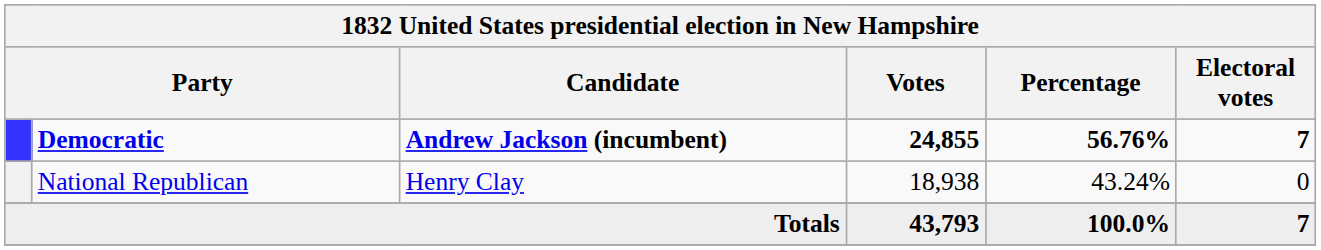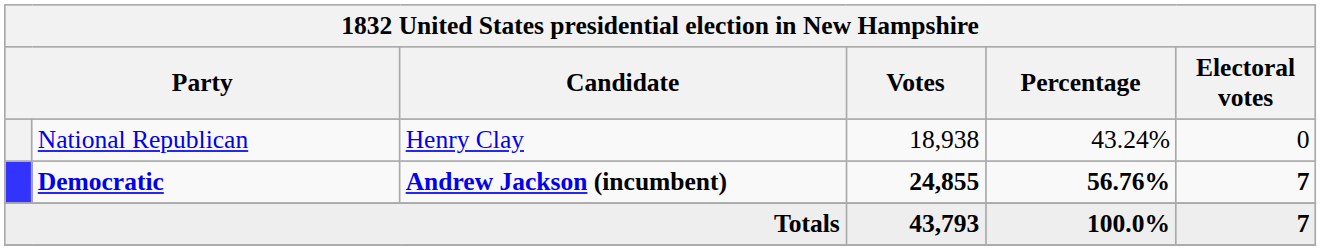 <table class="wikitable" style="font-size: 95%;">
 <tr>
 <th colspan="6">1832 United States presidential election in New Hampshire</th>
 </tr>
 <tr>
 <th colspan="2" style="width: 15em">Party</th>
 <th style="width: 17em">Candidate</th>
 <th style="width: 5em">Votes</th>
 <th style="width: 7em">Percentage</th>
 <th style="width: 5em">Electoral votes</th>
 </tr>
 <tr>
+<th></th>
+<td style="width: 130px"><a href='#'>National Republican</a></td>
+<td><a href='#'>Henry Clay</a></td>
+<td align="right">18,938</td>
+<td align="right">43.24%</td>
+<td align="right">0</td>
+</tr>
+<tr>
 <th style="background-color:#3333FF; width: 3px"></th>
 <td style="width: 130px"><strong><a href='#'>Democratic</a></strong></td>
 <td><strong><a href='#'>Andrew Jackson</a> (incumbent)</strong></td>
 <td align="right"><strong>24,855</strong></td>
 <td align="right"><strong>56.76%</strong></td>
 <td align="right"><strong>7</strong></td>
-</tr>
-<tr>
-<th></th>
-<td style="width: 130px"><a href='#'>National Republican</a></td>
-<td><a href='#'>Henry Clay</a></td>
-<td align="right">18,938</td>
-<td align="right">43.24%</td>
-<td align="right">0</td>
 </tr>
 <tr>
 </tr>
 <tr bgcolor="#EEEEEE">
 <td colspan="3" align="right"><strong>Totals</strong></td>
 <td align="right"><strong>43,793</strong></td>
 <td align="right"><strong>100.0%</strong></td>
 <td align="right"><strong>7</strong></td>
 </tr>
 <tr>
 </tr>
 </table>
